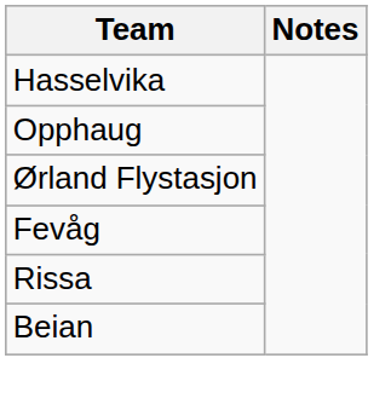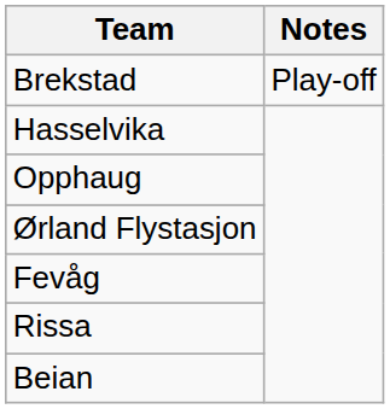 <table class="wikitable">
 <tr>
 <th>Team</th>
 <th>Notes</th>
+</tr>
+<tr>
+<td>Brekstad</td>
+<td>Play-off</td>
 </tr>
 <tr>
 <td>Hasselvika</td>
 </tr>
 <tr>
 <td>Opphaug</td>
 </tr>
 <tr>
 <td>Ørland Flystasjon</td>
 </tr>
 <tr>
 <td>Fevåg</td>
 </tr>
 <tr>
 <td>Rissa</td>
 </tr>
 <tr>
 <td>Beian</td>
 </tr>
 </table>
